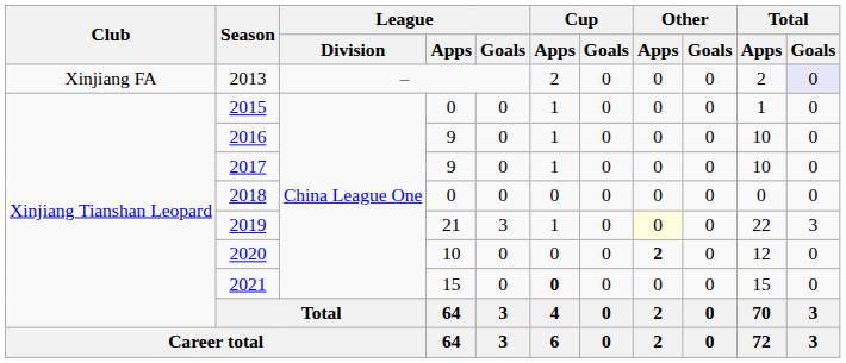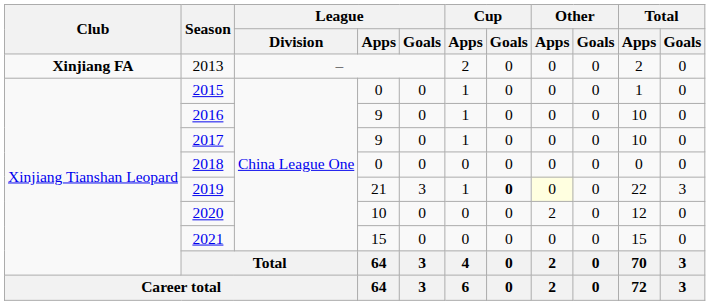 <table class="wikitable" style="text-align: center">
 <tr>
 <th rowspan="2">Club</th>
 <th rowspan="2">Season</th>
 <th colspan="3">League</th>
 <th colspan="2">Cup</th>
 <th colspan="2">Other</th>
 <th colspan="2">Total</th>
 </tr>
 <tr>
 <th>Division</th>
 <th>Apps</th>
 <th>Goals</th>
 <th>Apps</th>
 <th>Goals</th>
 <th>Apps</th>
 <th>Goals</th>
 <th>Apps</th>
 <th>Goals</th>
 </tr>
 <tr>
-<td>Xinjiang FA</td>
+<td><strong>Xinjiang FA</strong></td>
 <td>2013</td>
 <td colspan="3">–</td>
 <td>2</td>
 <td>0</td>
 <td>0</td>
 <td>0</td>
 <td>2</td>
-<td style="background: lavender;">0</td>
+<td>0</td>
 </tr>
 <tr>
 <td rowspan="8"><a href='#'>Xinjiang Tianshan Leopard</a></td>
 <td><a href='#'>2015</a></td>
 <td rowspan="7"><a href='#'>China League One</a></td>
 <td>0</td>
 <td>0</td>
 <td>1</td>
 <td>0</td>
 <td>0</td>
 <td>0</td>
 <td>1</td>
 <td>0</td>
 </tr>
 <tr>
 <td><a href='#'>2016</a></td>
 <td>9</td>
 <td>0</td>
 <td>1</td>
 <td>0</td>
 <td>0</td>
 <td>0</td>
 <td>10</td>
 <td>0</td>
 </tr>
 <tr>
 <td><a href='#'>2017</a></td>
 <td>9</td>
 <td>0</td>
 <td>1</td>
 <td>0</td>
 <td>0</td>
 <td>0</td>
 <td>10</td>
 <td>0</td>
 </tr>
 <tr>
 <td><a href='#'>2018</a></td>
 <td>0</td>
 <td>0</td>
 <td>0</td>
 <td>0</td>
 <td>0</td>
 <td>0</td>
 <td>0</td>
 <td>0</td>
 </tr>
 <tr>
 <td><a href='#'>2019</a></td>
 <td>21</td>
 <td>3</td>
 <td>1</td>
-<td>0</td>
+<td><strong>0</strong></td>
 <td style="background: lightyellow;">0</td>
 <td>0</td>
 <td>22</td>
 <td>3</td>
 </tr>
 <tr>
 <td><a href='#'>2020</a></td>
 <td>10</td>
 <td>0</td>
 <td>0</td>
 <td>0</td>
-<td><strong>2</strong></td>
+<td>2</td>
 <td>0</td>
 <td>12</td>
 <td>0</td>
 </tr>
 <tr>
 <td><a href='#'>2021</a></td>
 <td>15</td>
 <td>0</td>
-<td><strong>0</strong></td>
+<td>0</td>
 <td>0</td>
 <td>0</td>
 <td>0</td>
 <td>15</td>
 <td>0</td>
 </tr>
 <tr>
 <th colspan=2>Total</th>
 <th>64</th>
 <th>3</th>
 <th>4</th>
 <th>0</th>
 <th>2</th>
 <th>0</th>
 <th>70</th>
 <th>3</th>
 </tr>
 <tr>
 <th colspan=3>Career total</th>
 <th>64</th>
 <th>3</th>
 <th>6</th>
 <th>0</th>
 <th>2</th>
 <th>0</th>
 <th>72</th>
 <th>3</th>
 </tr>
 </table>
